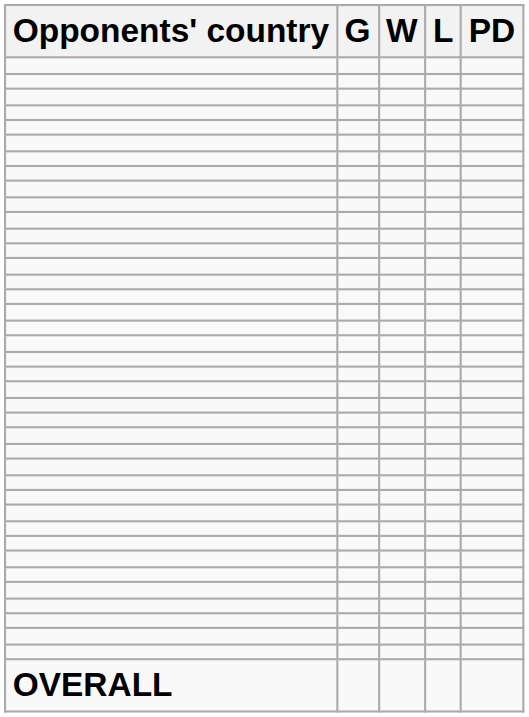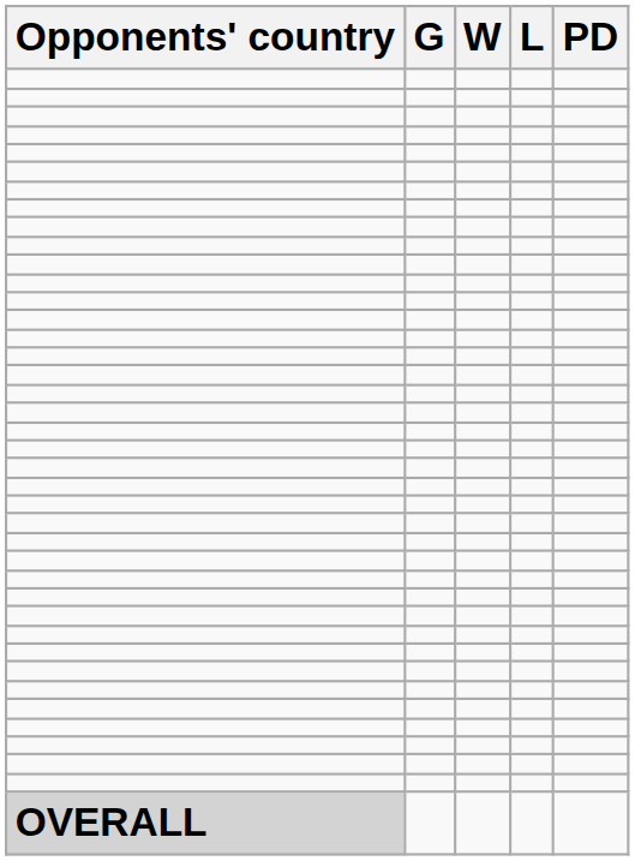 <table class="wikitable">
 <tr>
 <th>Opponents' country</th>
 <th>G</th>
 <th>W</th>
 <th>L</th>
 <th>PD</th>
 </tr>
 <tr>
 <td align=left></td>
 <td></td>
 <td></td>
 <td></td>
 <td></td>
 </tr>
 <tr>
 <td align=left></td>
 <td></td>
 <td></td>
 <td></td>
 <td></td>
 </tr>
 <tr>
 <td align=left></td>
 <td></td>
 <td></td>
 <td></td>
 <td></td>
 </tr>
 <tr>
 <td align=left></td>
 <td></td>
 <td></td>
 <td></td>
 <td></td>
 </tr>
 <tr>
 <td align=left></td>
 <td></td>
 <td></td>
 <td></td>
 <td></td>
 </tr>
 <tr>
 <td align=left></td>
 <td></td>
 <td></td>
 <td></td>
 <td></td>
 </tr>
 <tr>
 <td align=left></td>
 <td></td>
 <td></td>
 <td></td>
 <td></td>
 </tr>
 <tr>
 <td align=left></td>
 <td></td>
 <td></td>
 <td></td>
 <td></td>
 </tr>
 <tr>
 <td align=left></td>
 <td></td>
 <td></td>
 <td></td>
 <td></td>
 </tr>
 <tr>
 <td align=left></td>
 <td></td>
 <td></td>
 <td></td>
 <td></td>
 </tr>
 <tr>
 <td align=left></td>
 <td></td>
 <td></td>
 <td></td>
 <td></td>
 </tr>
 <tr>
 <td align=left></td>
 <td></td>
 <td></td>
 <td></td>
 <td></td>
 </tr>
 <tr>
 <td align=left></td>
 <td></td>
 <td></td>
 <td></td>
 <td></td>
 </tr>
 <tr>
 <td align=left></td>
 <td></td>
 <td></td>
 <td></td>
 <td></td>
 </tr>
 <tr>
 <td align=left></td>
 <td></td>
 <td></td>
 <td></td>
 <td></td>
 </tr>
 <tr>
 <td align=left></td>
 <td></td>
 <td></td>
 <td></td>
 <td></td>
 </tr>
 <tr>
 <td align=left></td>
 <td></td>
 <td></td>
 <td></td>
 <td></td>
 </tr>
 <tr>
 <td align=left></td>
 <td></td>
 <td></td>
 <td></td>
 <td></td>
 </tr>
 <tr>
 <td align=left></td>
 <td></td>
 <td></td>
 <td></td>
 <td></td>
 </tr>
 <tr>
 <td align=left></td>
 <td></td>
 <td></td>
 <td></td>
 <td></td>
 </tr>
 <tr>
 <td align=left></td>
 <td></td>
 <td></td>
 <td></td>
 <td></td>
 </tr>
 <tr>
 <td align=left></td>
 <td></td>
 <td></td>
 <td></td>
 <td></td>
 </tr>
 <tr>
 <td align=left></td>
 <td></td>
 <td></td>
 <td></td>
 <td></td>
 </tr>
 <tr>
 <td align=left></td>
 <td></td>
 <td></td>
 <td></td>
 <td></td>
 </tr>
 <tr>
 <td align=left></td>
 <td></td>
 <td></td>
 <td></td>
 <td></td>
 </tr>
 <tr>
 <td align=left></td>
 <td></td>
 <td></td>
 <td></td>
 <td></td>
 </tr>
 <tr>
 <td align=left></td>
 <td></td>
 <td></td>
 <td></td>
 <td></td>
 </tr>
 <tr>
 <td align=left></td>
 <td></td>
 <td></td>
 <td></td>
 <td></td>
 </tr>
 <tr>
 <td align=left></td>
 <td></td>
 <td></td>
 <td></td>
 <td></td>
 </tr>
 <tr>
 <td align=left></td>
 <td></td>
 <td></td>
 <td></td>
 <td></td>
 </tr>
 <tr>
 <td align=left></td>
 <td></td>
 <td></td>
 <td></td>
 <td></td>
 </tr>
 <tr>
 <td align=left></td>
 <td></td>
 <td></td>
 <td></td>
 <td></td>
 </tr>
 <tr>
 <td align=left></td>
 <td></td>
 <td></td>
 <td></td>
 <td></td>
 </tr>
 <tr>
 <td align=left></td>
 <td></td>
 <td></td>
 <td></td>
 <td></td>
 </tr>
 <tr>
 <td align=left></td>
 <td></td>
 <td></td>
 <td></td>
 <td></td>
 </tr>
 <tr>
 <td align=left></td>
 <td></td>
 <td></td>
 <td></td>
 <td></td>
 </tr>
 <tr>
 <td align=left></td>
 <td></td>
 <td></td>
 <td></td>
 <td></td>
 </tr>
 <tr>
 <td align=left></td>
 <td></td>
 <td></td>
 <td></td>
 <td></td>
 </tr>
 <tr>
 <td align=left></td>
 <td></td>
 <td></td>
 <td></td>
 <td></td>
 </tr>
 <tr>
-<td align=left><strong>OVERALL</strong></td>
+<td align=left style="background: lightgrey;"><strong>OVERALL</strong></td>
 <td></td>
 <td></td>
 <td></td>
 <td></td>
 </tr>
 </table>
